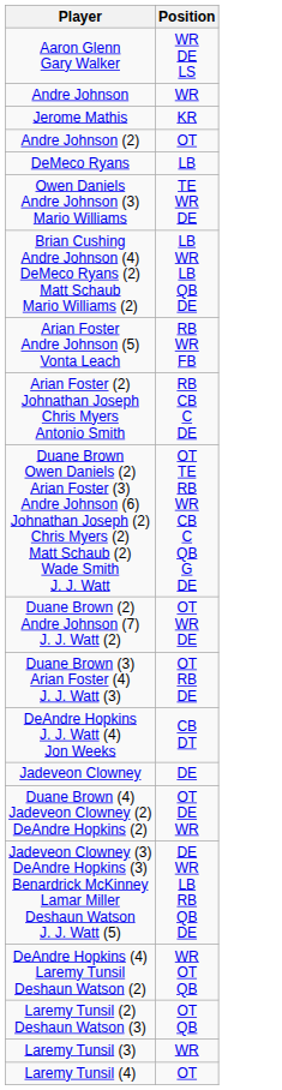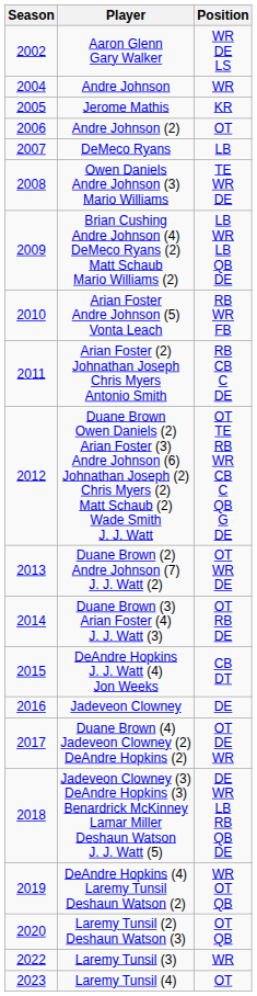 <table class="wikitable" style="text-align:center">
 <tr bgcolor="#efefef">
+<th>Season</th>
 <th>Player</th>
 <th>Position</th>
 </tr>
 <tr>
+<td><a href='#'>2002</a></td>
 <td><a href='#'>Aaron Glenn</a><br><a href='#'>Gary Walker</a></td>
 <td><a href='#'>WR</a><br><a href='#'>DE</a><br><a href='#'>LS</a></td>
 </tr>
 <tr>
+<td><a href='#'>2004</a></td>
 <td><a href='#'>Andre Johnson</a></td>
 <td><a href='#'>WR</a></td>
 </tr>
 <tr>
+<td><a href='#'>2005</a></td>
 <td><a href='#'>Jerome Mathis</a></td>
 <td><a href='#'>KR</a></td>
 </tr>
 <tr>
+<td><a href='#'>2006</a></td>
 <td><a href='#'>Andre Johnson</a> (2)</td>
 <td><a href='#'>OT</a></td>
 </tr>
 <tr>
+<td><a href='#'>2007</a></td>
 <td><a href='#'>DeMeco Ryans</a></td>
 <td><a href='#'>LB</a></td>
 </tr>
 <tr>
+<td><a href='#'>2008</a></td>
 <td><a href='#'>Owen Daniels</a><br><a href='#'>Andre Johnson</a> (3) <br><a href='#'>Mario Williams</a></td>
 <td><a href='#'>TE</a><br><a href='#'>WR</a><br><a href='#'>DE</a></td>
 </tr>
 <tr>
+<td><a href='#'>2009</a></td>
 <td><a href='#'>Brian Cushing</a><br><a href='#'>Andre Johnson</a> (4) <br><a href='#'>DeMeco Ryans</a> (2)  <br><a href='#'>Matt Schaub</a><br><a href='#'>Mario Williams</a> (2)</td>
 <td><a href='#'>LB</a><br><a href='#'>WR</a><br><a href='#'>LB</a><br><a href='#'>QB</a><br><a href='#'>DE</a></td>
 </tr>
 <tr>
+<td><a href='#'>2010</a></td>
 <td><a href='#'>Arian Foster</a><br><a href='#'>Andre Johnson</a> (5) <br><a href='#'>Vonta Leach</a></td>
 <td><a href='#'>RB</a><br><a href='#'>WR</a><br><a href='#'>FB</a></td>
 </tr>
 <tr>
+<td><a href='#'>2011</a></td>
 <td><a href='#'>Arian Foster</a> (2) <br><a href='#'>Johnathan Joseph</a><br><a href='#'>Chris Myers</a><br><a href='#'>Antonio Smith</a></td>
 <td><a href='#'>RB</a><br><a href='#'>CB</a><br><a href='#'>C</a><br><a href='#'>DE</a></td>
 </tr>
 <tr>
+<td><a href='#'>2012</a></td>
 <td><a href='#'>Duane Brown</a><br><a href='#'>Owen Daniels</a> (2)<br><a href='#'>Arian Foster</a> (3)<br><a href='#'>Andre Johnson</a> (6)<br><a href='#'>Johnathan Joseph</a> (2)<br><a href='#'>Chris Myers</a> (2)<br><a href='#'>Matt Schaub</a> (2)<br><a href='#'>Wade Smith</a><br><a href='#'>J. J. Watt</a></td>
 <td><a href='#'>OT</a><br><a href='#'>TE</a><br><a href='#'>RB</a><br><a href='#'>WR</a><br><a href='#'>CB</a><br><a href='#'>C</a><br><a href='#'>QB</a><br><a href='#'>G</a><br><a href='#'>DE</a></td>
 </tr>
 <tr>
+<td><a href='#'>2013</a></td>
 <td><a href='#'>Duane Brown</a> (2) <br><a href='#'>Andre Johnson</a> (7)<br><a href='#'>J. J. Watt</a> (2)</td>
 <td><a href='#'>OT</a><br><a href='#'>WR</a><br><a href='#'>DE</a></td>
 </tr>
 <tr>
+<td><a href='#'>2014</a></td>
 <td><a href='#'>Duane Brown</a> (3) <br><a href='#'>Arian Foster</a> (4)<br><a href='#'>J. J. Watt</a> (3)</td>
 <td><a href='#'>OT</a><br><a href='#'>RB</a><br><a href='#'>DE</a></td>
 </tr>
 <tr>
+<td><a href='#'>2015</a></td>
 <td><a href='#'>DeAndre Hopkins</a> <br><a href='#'>J. J. Watt</a> (4)<br> <a href='#'>Jon Weeks</a></td>
 <td><a href='#'>CB</a><br><a href='#'>DT</a></td>
 </tr>
 <tr>
+<td><a href='#'>2016</a></td>
 <td><a href='#'>Jadeveon Clowney</a></td>
 <td><a href='#'>DE</a></td>
 </tr>
 <tr>
+<td><a href='#'>2017</a></td>
 <td><a href='#'>Duane Brown</a> (4)<br><a href='#'>Jadeveon Clowney</a> (2)<br><a href='#'>DeAndre Hopkins</a> (2)</td>
 <td><a href='#'>OT</a><br><a href='#'>DE</a><br><a href='#'>WR</a></td>
 </tr>
 <tr>
+<td><a href='#'>2018</a></td>
 <td><a href='#'>Jadeveon Clowney</a> (3)<br><a href='#'>DeAndre Hopkins</a> (3)<br><a href='#'>Benardrick McKinney</a><br><a href='#'>Lamar Miller</a><br><a href='#'>Deshaun Watson</a><br><a href='#'>J. J. Watt</a> (5)</td>
 <td><a href='#'>DE</a><br><a href='#'>WR</a><br><a href='#'>LB</a><br><a href='#'>RB</a><br><a href='#'>QB</a><br><a href='#'>DE</a></td>
 </tr>
 <tr>
+<td><a href='#'>2019</a></td>
 <td><a href='#'>DeAndre Hopkins</a> (4)<br><a href='#'>Laremy Tunsil</a><br><a href='#'>Deshaun Watson</a> (2)</td>
 <td><a href='#'>WR</a><br><a href='#'>OT</a><br><a href='#'>QB</a></td>
 </tr>
 <tr>
+<td><a href='#'>2020</a></td>
 <td><a href='#'>Laremy Tunsil</a> (2)<br><a href='#'>Deshaun Watson</a> (3)</td>
 <td><a href='#'>OT</a><br><a href='#'>QB</a></td>
 </tr>
 <tr>
+<td><a href='#'>2022</a></td>
 <td><a href='#'>Laremy Tunsil</a> (3)</td>
 <td><a href='#'>WR</a></td>
 </tr>
 <tr>
+<td><a href='#'>2023</a></td>
 <td><a href='#'>Laremy Tunsil</a> (4)</td>
 <td><a href='#'>OT</a></td>
 </tr>
 </table>
